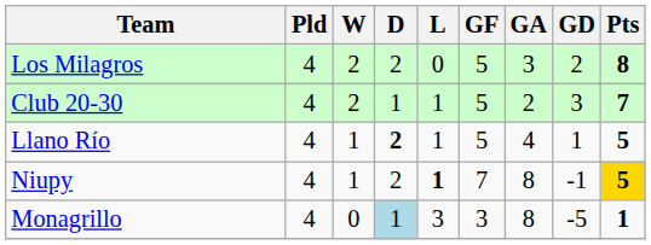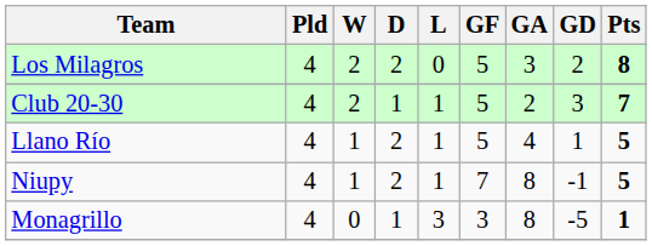 <table class="wikitable" style="text-align: center">
 <tr>
 <th width="175">Team</th>
 <th width="20">Pld</th>
 <th width="20">W</th>
 <th width="20">D</th>
 <th width="20">L</th>
 <th width="20">GF</th>
 <th width="20">GA</th>
 <th width="20">GD</th>
 <th width="20">Pts</th>
 </tr>
 <tr bgcolor=#CCFFCC>
 <td align=left><a href='#'>Los Milagros</a></td>
 <td>4</td>
 <td>2</td>
 <td>2</td>
 <td>0</td>
 <td>5</td>
 <td>3</td>
 <td>2</td>
 <td><strong>8</strong></td>
 </tr>
 <tr>
 </tr>
 <tr bgcolor=#CCFFCC>
 <td align=left><a href='#'>Club 20-30</a></td>
 <td>4</td>
 <td>2</td>
 <td>1</td>
 <td>1</td>
 <td>5</td>
 <td>2</td>
 <td>3</td>
 <td><strong>7</strong></td>
 </tr>
 <tr>
 <td align=left><a href='#'>Llano Río</a></td>
 <td>4</td>
 <td>1</td>
-<td><strong>2</strong></td>
+<td>2</td>
 <td>1</td>
 <td>5</td>
 <td>4</td>
 <td>1</td>
 <td><strong>5</strong></td>
 </tr>
 <tr>
 <td align=left><a href='#'>Niupy</a></td>
 <td>4</td>
 <td>1</td>
 <td>2</td>
-<td><strong>1</strong></td>
+<td>1</td>
 <td>7</td>
 <td>8</td>
 <td>-1</td>
-<td style="background: gold;"><strong>5</strong></td>
+<td><strong>5</strong></td>
 </tr>
 <tr>
 <td align=left><a href='#'>Monagrillo</a></td>
 <td>4</td>
 <td>0</td>
-<td style="background: lightblue;">1</td>
+<td>1</td>
 <td>3</td>
 <td>3</td>
 <td>8</td>
 <td>-5</td>
 <td><strong>1</strong></td>
 </tr>
 <tr>
 </tr>
 </table>
